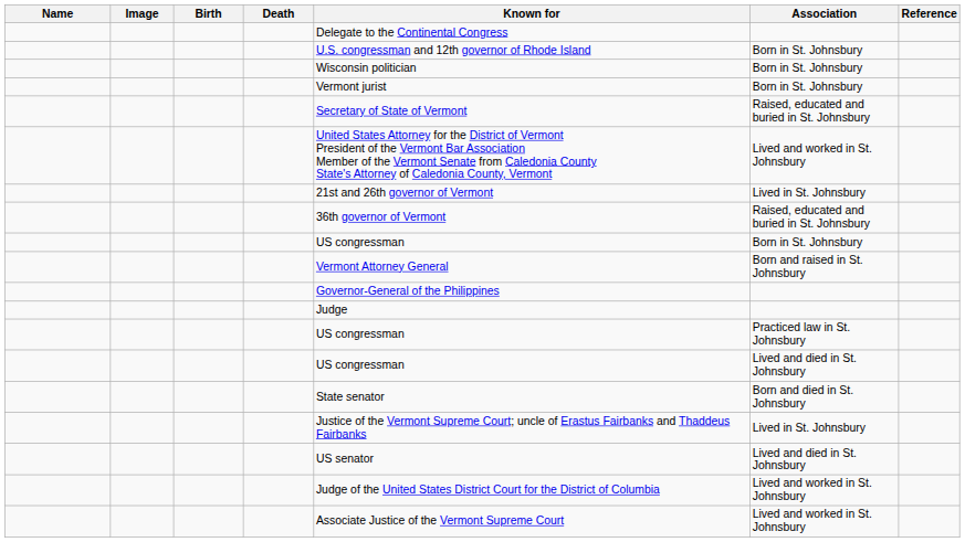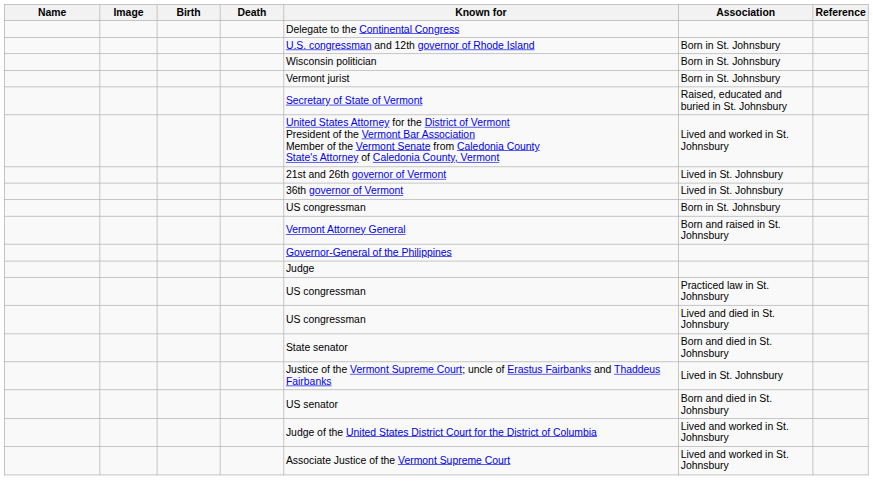 <table class="wikitable sortable">
 <tr>
 <th scope="col" width="140">Name</th>
 <th scope="col" width="80" class="unsortable">Image</th>
 <th scope="col" width="90">Birth</th>
 <th scope="col" width="90">Death</th>
 <th scope="col" width="600" class="unsortable">Known for</th>
 <th scope="col" width="200" class="unsortable">Association</th>
 <th scope="col" width="30" class="unsortable">Reference</th>
 </tr>
 <tr>
 <td></td>
 <td></td>
 <td align=right></td>
 <td align=right></td>
 <td>Delegate to the <a href='#'>Continental Congress</a></td>
 <td></td>
 <td align="center"></td>
 </tr>
 <tr>
 <td></td>
 <td></td>
 <td align=right></td>
 <td align=right></td>
 <td><a href='#'>U.S. congressman</a> and 12th <a href='#'>governor of Rhode Island</a></td>
 <td>Born in St. Johnsbury</td>
 <td align="center"></td>
 </tr>
 <tr>
 <td></td>
 <td></td>
 <td align=right></td>
 <td align=right></td>
 <td>Wisconsin politician</td>
 <td>Born in St. Johnsbury</td>
 <td align="center"></td>
 </tr>
 <tr>
 <td></td>
 <td></td>
 <td align=right></td>
 <td align=right></td>
 <td>Vermont jurist</td>
 <td>Born in St. Johnsbury</td>
 <td align="center"></td>
 </tr>
 <tr>
 <td></td>
 <td></td>
 <td align=right></td>
 <td align=right></td>
 <td><a href='#'>Secretary of State of Vermont</a></td>
 <td>Raised, educated and buried in St. Johnsbury</td>
 <td align="center"></td>
 </tr>
 <tr>
 <td></td>
 <td></td>
 <td align=right></td>
 <td align=right></td>
 <td><a href='#'>United States Attorney</a> for the <a href='#'>District of Vermont</a><br>President of the <a href='#'>Vermont Bar Association</a><br>Member of the <a href='#'>Vermont Senate</a> from <a href='#'>Caledonia County</a><br><a href='#'>State's Attorney</a> of <a href='#'>Caledonia County, Vermont</a></td>
 <td>Lived and worked in St. Johnsbury</td>
 <td align="center"></td>
 </tr>
 <tr>
 <td></td>
 <td></td>
 <td align=right></td>
 <td align=right></td>
 <td>21st and 26th <a href='#'>governor of Vermont</a></td>
 <td>Lived in St. Johnsbury</td>
 <td align="center"></td>
 </tr>
 <tr>
 <td></td>
 <td></td>
 <td align=right></td>
 <td align=right></td>
 <td>36th <a href='#'>governor of Vermont</a></td>
-<td>Raised, educated and buried in St. Johnsbury</td>
+<td>Lived in St. Johnsbury</td>
 <td align="center"></td>
 </tr>
 <tr>
 <td></td>
 <td></td>
 <td align=right></td>
 <td align=right></td>
 <td>US congressman</td>
 <td>Born in St. Johnsbury</td>
 <td align="center"></td>
 </tr>
 <tr>
 <td></td>
 <td></td>
 <td align=right></td>
 <td align=right></td>
 <td><a href='#'>Vermont Attorney General</a></td>
 <td>Born and raised in St. Johnsbury</td>
 <td align="center"></td>
 </tr>
 <tr>
 <td></td>
 <td></td>
 <td align=right></td>
 <td align=right></td>
 <td><a href='#'>Governor-General of the Philippines</a></td>
 <td></td>
 <td align="center"></td>
 </tr>
 <tr>
 <td></td>
 <td></td>
 <td align=right></td>
 <td align=right></td>
 <td>Judge</td>
 <td></td>
 <td align="center"></td>
 </tr>
 <tr>
 <td></td>
 <td></td>
 <td align=right></td>
 <td align=right></td>
 <td>US congressman</td>
 <td>Practiced law in St. Johnsbury</td>
 <td align="center"></td>
 </tr>
 <tr>
 <td></td>
 <td></td>
 <td align=right></td>
 <td align=right></td>
 <td>US congressman</td>
 <td>Lived and died in St. Johnsbury</td>
 <td align="center"></td>
 </tr>
 <tr>
 <td></td>
 <td></td>
 <td align=right></td>
 <td align=right></td>
 <td>State senator</td>
 <td>Born and died in St. Johnsbury</td>
 <td align="center"></td>
 </tr>
 <tr>
 <td></td>
 <td></td>
 <td align=right></td>
 <td align=right></td>
 <td>Justice of the <a href='#'>Vermont Supreme Court</a>; uncle of <a href='#'>Erastus Fairbanks</a> and <a href='#'>Thaddeus Fairbanks</a></td>
 <td>Lived in St. Johnsbury</td>
 <td align="center"></td>
 </tr>
 <tr>
 <td></td>
 <td></td>
 <td align=right></td>
 <td align=right></td>
 <td>US senator</td>
-<td>Lived and died in St. Johnsbury</td>
+<td>Born and died in St. Johnsbury</td>
 <td align="center"></td>
 </tr>
 <tr>
 <td></td>
 <td></td>
 <td align=right></td>
 <td align=right></td>
 <td>Judge of the <a href='#'>United States District Court for the District of Columbia</a></td>
 <td>Lived and worked in St. Johnsbury</td>
 <td align="center"></td>
 </tr>
 <tr>
 <td></td>
 <td></td>
 <td align=right></td>
 <td align=right></td>
 <td>Associate Justice of the <a href='#'>Vermont Supreme Court</a></td>
 <td>Lived and worked in St. Johnsbury</td>
 <td align="center"></td>
 </tr>
 </table>
